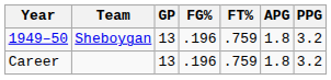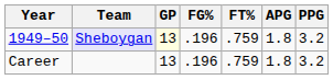 <table class="wikitable sortable" style="font-size:95%; text-align:right;">
 <tr>
 <th>Year</th>
 <th>Team</th>
 <th>GP</th>
 <th>FG%</th>
 <th>FT%</th>
 <th>APG</th>
 <th>PPG</th>
 </tr>
 <tr>
 <td style="text-align:left;"><a href='#'>1949–50</a></td>
-<td style="text-align:left;"><a href='#'>Sheboygan</a></td>
-<td>13</td>
+<td style="background: lavender; text-align:left;"><a href='#'>Sheboygan</a></td>
+<td style="background: lightyellow;">13</td>
 <td>.196</td>
 <td>.759</td>
 <td>1.8</td>
 <td>3.2</td>
 </tr>
 <tr>
 <td style="text-align:left;">Career</td>
 <td></td>
 <td>13</td>
 <td>.196</td>
 <td>.759</td>
 <td>1.8</td>
 <td>3.2</td>
 </tr>
 <tr>
 </tr>
 </table>
